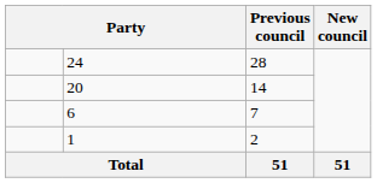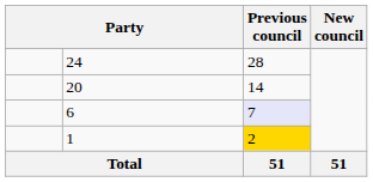 <table class="wikitable">
 <tr>
 <th valign=centre colspan="2" style="width: 230px">Party</th>
 <th valign=top style="width: 30px">Previous council</th>
 <th valign=top style="width: 30px">New council</th>
 </tr>
 <tr>
 <td></td>
 <td>24</td>
 <td>28</td>
 </tr>
 <tr>
 <td></td>
 <td>20</td>
 <td>14</td>
 </tr>
 <tr>
 <td></td>
 <td>6</td>
-<td>7</td>
+<td style="background: lavender;">7</td>
 </tr>
 <tr>
 <td></td>
 <td>1</td>
-<td>2</td>
+<td style="background: gold;">2</td>
 </tr>
 <tr>
 <th colspan=2>Total</th>
 <th style="text-align: center">51</th>
 <th colspan=3>51</th>
 </tr>
 </table>
